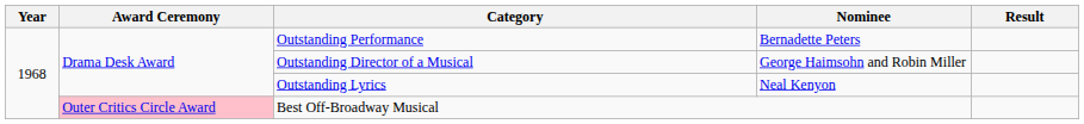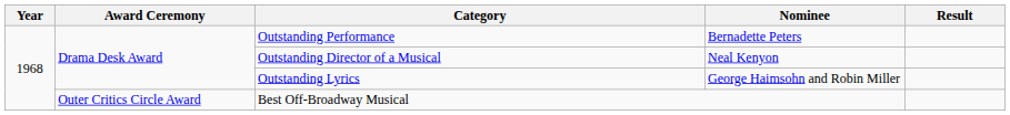 <table class="wikitable" width="95%">
 <tr>
 <th width="5%">Year</th>
 <th width="20%">Award Ceremony</th>
 <th width="45%">Category</th>
 <th width="20%">Nominee</th>
 <th width="10%">Result</th>
 </tr>
 <tr>
 <td rowspan="4" align="center">1968</td>
 <td rowspan="3"><a href='#'>Drama Desk Award</a></td>
 <td><a href='#'>Outstanding Performance</a></td>
 <td><a href='#'>Bernadette Peters</a></td>
 <td></td>
 </tr>
 <tr>
 <td><a href='#'>Outstanding Director of a Musical</a></td>
+<td><a href='#'>Neal Kenyon</a></td>
+<td></td>
+</tr>
+<tr>
+<td><a href='#'>Outstanding Lyrics</a></td>
 <td><a href='#'>George Haimsohn</a> and Robin Miller</td>
 <td></td>
 </tr>
 <tr>
-<td><a href='#'>Outstanding Lyrics</a></td>
-<td><a href='#'>Neal Kenyon</a></td>
-<td></td>
-</tr>
-<tr>
-<td style="background: pink;"><a href='#'>Outer Critics Circle Award</a></td>
+<td><a href='#'>Outer Critics Circle Award</a></td>
 <td colspan="2">Best Off-Broadway Musical</td>
 <td></td>
 </tr>
 </table>
